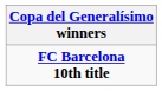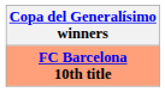 <table class="wikitable" style="text-align: center; margin: 0 auto;">
 <tr>
 <th><a href='#'>Copa del Generalísimo</a><br>winners</th>
 </tr>
 <tr>
-<td><strong><a href='#'>FC Barcelona</a></strong><br><strong>10th title</strong></td>
+<td style="background: lightsalmon;"><strong><a href='#'>FC Barcelona</a></strong><br><strong>10th title</strong></td>
 </tr>
 </table>
